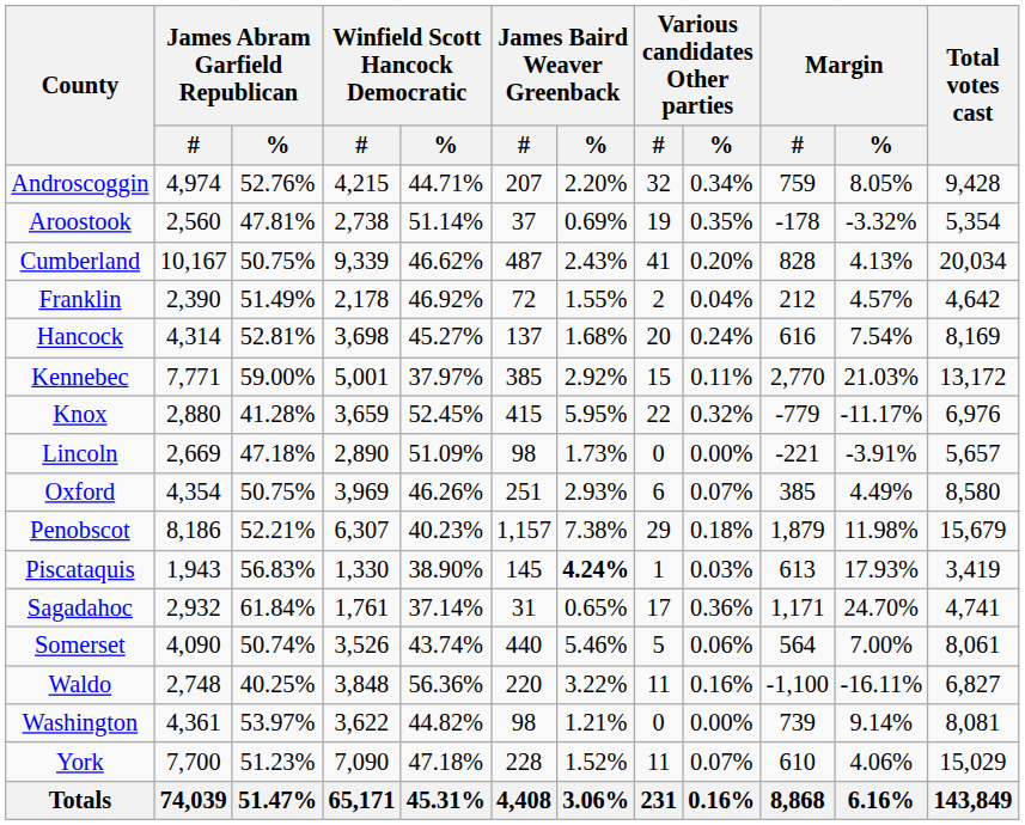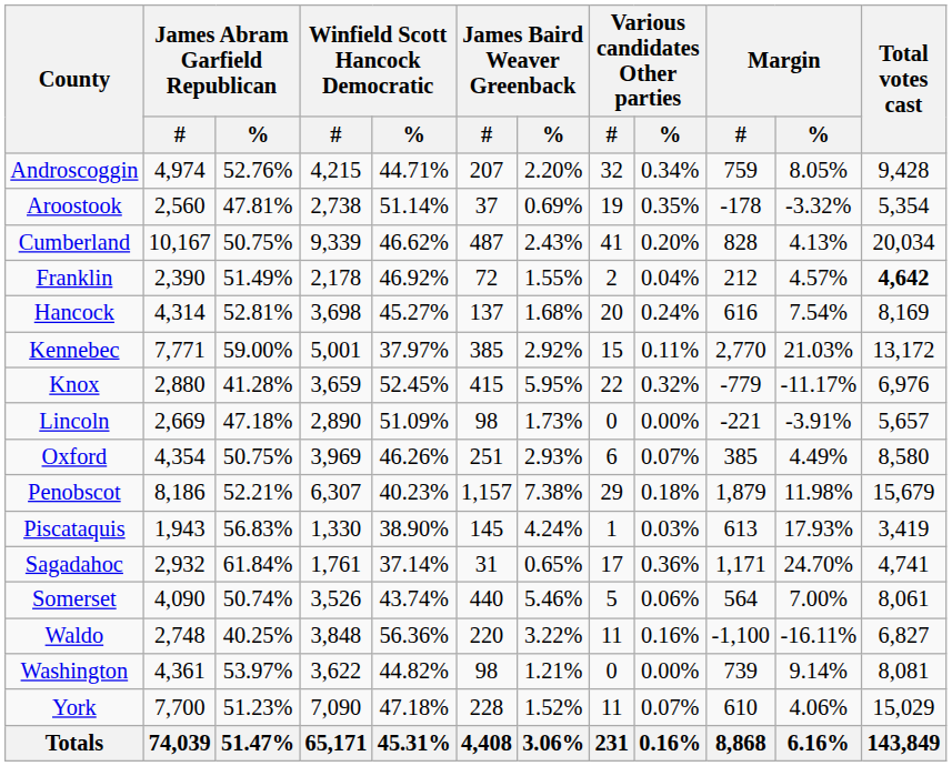 <table width="70%" class="wikitable sortable" style="text-align:center">
 <tr>
 <th style="text-align:center;" rowspan="2">County</th>
 <th style="text-align:center;" colspan="2">James Abram Garfield<br>Republican</th>
 <th style="text-align:center;" colspan="2">Winfield Scott Hancock<br>Democratic</th>
 <th style="text-align:center;" colspan="2">James Baird Weaver<br>Greenback</th>
 <th style="text-align:center;" colspan="2">Various candidates<br>Other parties</th>
 <th style="text-align:center;" colspan="2">Margin</th>
 <th style="text-align:center;" rowspan="2">Total votes cast</th>
 </tr>
 <tr>
 <th data-sort-type="number">#</th>
 <th data-sort-type="number">%</th>
 <th data-sort-type="number">#</th>
 <th data-sort-type="number">%</th>
 <th data-sort-type="number">#</th>
 <th data-sort-type="number">%</th>
 <th data-sort-type="number">#</th>
 <th data-sort-type="number">%</th>
 <th data-sort-type="number">#</th>
 <th data-sort-type="number">%</th>
 </tr>
 <tr style="text-align:center;">
 <td><a href='#'>Androscoggin</a></td>
 <td>4,974</td>
 <td>52.76%</td>
 <td>4,215</td>
 <td>44.71%</td>
 <td>207</td>
 <td>2.20%</td>
 <td>32</td>
 <td>0.34%</td>
 <td>759</td>
 <td>8.05%</td>
 <td>9,428</td>
 </tr>
 <tr style="text-align:center;">
 <td><a href='#'>Aroostook</a></td>
 <td>2,560</td>
 <td>47.81%</td>
 <td>2,738</td>
 <td>51.14%</td>
 <td>37</td>
 <td>0.69%</td>
 <td>19</td>
 <td>0.35%</td>
 <td>-178</td>
 <td>-3.32%</td>
 <td>5,354</td>
 </tr>
 <tr style="text-align:center;">
 <td><a href='#'>Cumberland</a></td>
 <td>10,167</td>
 <td>50.75%</td>
 <td>9,339</td>
 <td>46.62%</td>
 <td>487</td>
 <td>2.43%</td>
 <td>41</td>
 <td>0.20%</td>
 <td>828</td>
 <td>4.13%</td>
 <td>20,034</td>
 </tr>
 <tr style="text-align:center;">
 <td><a href='#'>Franklin</a></td>
 <td>2,390</td>
 <td>51.49%</td>
 <td>2,178</td>
 <td>46.92%</td>
 <td>72</td>
 <td>1.55%</td>
 <td>2</td>
 <td>0.04%</td>
 <td>212</td>
 <td>4.57%</td>
-<td>4,642</td>
+<td><strong>4,642</strong></td>
 </tr>
 <tr style="text-align:center;">
 <td><a href='#'>Hancock</a></td>
 <td>4,314</td>
 <td>52.81%</td>
 <td>3,698</td>
 <td>45.27%</td>
 <td>137</td>
 <td>1.68%</td>
 <td>20</td>
 <td>0.24%</td>
 <td>616</td>
 <td>7.54%</td>
 <td>8,169</td>
 </tr>
 <tr style="text-align:center;">
 <td><a href='#'>Kennebec</a></td>
 <td>7,771</td>
 <td>59.00%</td>
 <td>5,001</td>
 <td>37.97%</td>
 <td>385</td>
 <td>2.92%</td>
 <td>15</td>
 <td>0.11%</td>
 <td>2,770</td>
 <td>21.03%</td>
 <td>13,172</td>
 </tr>
 <tr style="text-align:center;">
 <td><a href='#'>Knox</a></td>
 <td>2,880</td>
 <td>41.28%</td>
 <td>3,659</td>
 <td>52.45%</td>
 <td>415</td>
 <td>5.95%</td>
 <td>22</td>
 <td>0.32%</td>
 <td>-779</td>
 <td>-11.17%</td>
 <td>6,976</td>
 </tr>
 <tr style="text-align:center;">
 <td><a href='#'>Lincoln</a></td>
 <td>2,669</td>
 <td>47.18%</td>
 <td>2,890</td>
 <td>51.09%</td>
 <td>98</td>
 <td>1.73%</td>
 <td>0</td>
 <td>0.00%</td>
 <td>-221</td>
 <td>-3.91%</td>
 <td>5,657</td>
 </tr>
 <tr style="text-align:center;">
 <td><a href='#'>Oxford</a></td>
 <td>4,354</td>
 <td>50.75%</td>
 <td>3,969</td>
 <td>46.26%</td>
 <td>251</td>
 <td>2.93%</td>
 <td>6</td>
 <td>0.07%</td>
 <td>385</td>
 <td>4.49%</td>
 <td>8,580</td>
 </tr>
 <tr style="text-align:center;">
 <td><a href='#'>Penobscot</a></td>
 <td>8,186</td>
 <td>52.21%</td>
 <td>6,307</td>
 <td>40.23%</td>
 <td>1,157</td>
 <td>7.38%</td>
 <td>29</td>
 <td>0.18%</td>
 <td>1,879</td>
 <td>11.98%</td>
 <td>15,679</td>
 </tr>
 <tr style="text-align:center;">
 <td><a href='#'>Piscataquis</a></td>
 <td>1,943</td>
 <td>56.83%</td>
 <td>1,330</td>
 <td>38.90%</td>
 <td>145</td>
-<td><strong>4.24%</strong></td>
+<td>4.24%</td>
 <td>1</td>
 <td>0.03%</td>
 <td>613</td>
 <td>17.93%</td>
 <td>3,419</td>
 </tr>
 <tr style="text-align:center;">
 <td><a href='#'>Sagadahoc</a></td>
 <td>2,932</td>
 <td>61.84%</td>
 <td>1,761</td>
 <td>37.14%</td>
 <td>31</td>
 <td>0.65%</td>
 <td>17</td>
 <td>0.36%</td>
 <td>1,171</td>
 <td>24.70%</td>
 <td>4,741</td>
 </tr>
 <tr style="text-align:center;">
 <td><a href='#'>Somerset</a></td>
 <td>4,090</td>
 <td>50.74%</td>
 <td>3,526</td>
 <td>43.74%</td>
 <td>440</td>
 <td>5.46%</td>
 <td>5</td>
 <td>0.06%</td>
 <td>564</td>
 <td>7.00%</td>
 <td>8,061</td>
 </tr>
 <tr style="text-align:center;">
 <td><a href='#'>Waldo</a></td>
 <td>2,748</td>
 <td>40.25%</td>
 <td>3,848</td>
 <td>56.36%</td>
 <td>220</td>
 <td>3.22%</td>
 <td>11</td>
 <td>0.16%</td>
 <td>-1,100</td>
 <td>-16.11%</td>
 <td>6,827</td>
 </tr>
 <tr style="text-align:center;">
 <td><a href='#'>Washington</a></td>
 <td>4,361</td>
 <td>53.97%</td>
 <td>3,622</td>
 <td>44.82%</td>
 <td>98</td>
 <td>1.21%</td>
 <td>0</td>
 <td>0.00%</td>
 <td>739</td>
 <td>9.14%</td>
 <td>8,081</td>
 </tr>
 <tr style="text-align:center;">
 <td><a href='#'>York</a></td>
 <td>7,700</td>
 <td>51.23%</td>
 <td>7,090</td>
 <td>47.18%</td>
 <td>228</td>
 <td>1.52%</td>
 <td>11</td>
 <td>0.07%</td>
 <td>610</td>
 <td>4.06%</td>
 <td>15,029</td>
 </tr>
 <tr style="text-align:center;">
 <th>Totals</th>
 <th>74,039</th>
 <th>51.47%</th>
 <th>65,171</th>
 <th>45.31%</th>
 <th>4,408</th>
 <th>3.06%</th>
 <th>231</th>
 <th>0.16%</th>
 <th>8,868</th>
 <th>6.16%</th>
 <th>143,849</th>
 </tr>
 </table>
